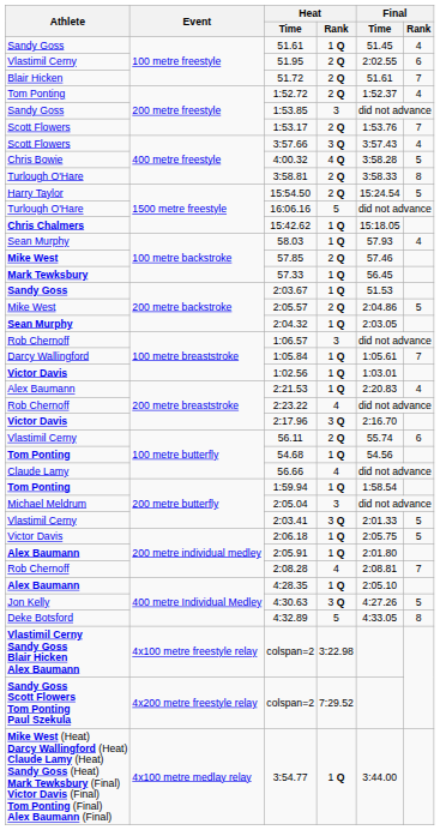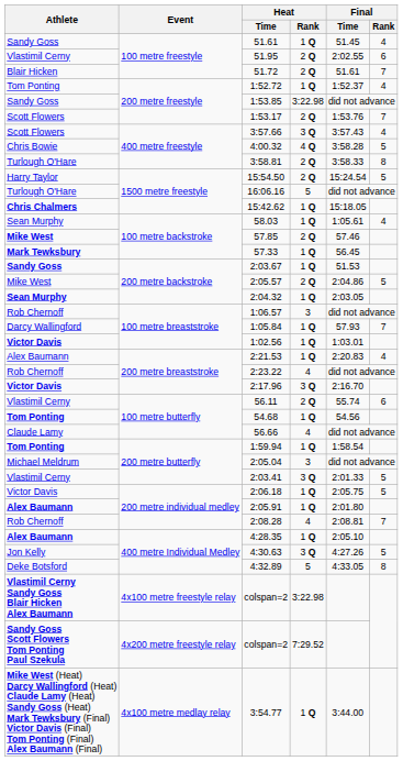 <table class=wikitable style=font-size:90%>
 <tr>
 <th rowspan=2>Athlete</th>
 <th rowspan=2>Event</th>
 <th colspan=2>Heat</th>
 <th colspan=2>Final</th>
 </tr>
 <tr style=font-size:95%>
 <th>Time</th>
 <th>Rank</th>
 <th>Time</th>
 <th>Rank</th>
 </tr>
 <tr align=center>
 <td align=left><a href='#'>Sandy Goss</a></td>
 <td align=left rowspan=3><a href='#'>100 metre freestyle</a></td>
 <td>51.61</td>
 <td>1 <strong>Q</strong></td>
 <td>51.45</td>
 <td>4</td>
 </tr>
 <tr align=center>
 <td align=left><a href='#'>Vlastimil Cerny</a></td>
 <td>51.95</td>
 <td>2 <strong>Q</strong></td>
 <td>2:02.55</td>
 <td>6</td>
 </tr>
 <tr align=center>
 <td align=left><a href='#'>Blair Hicken</a></td>
 <td>51.72</td>
 <td>2 <strong>Q</strong></td>
 <td>51.61</td>
 <td>7</td>
 </tr>
 <tr align=center>
 <td align=left><a href='#'>Tom Ponting</a></td>
 <td align=left rowspan=3><a href='#'>200 metre freestyle</a></td>
 <td>1:52.72</td>
-<td>2 <strong>Q</strong></td>
+<td>1 <strong>Q</strong></td>
 <td>1:52.37</td>
 <td>4</td>
 </tr>
 <tr align=center>
 <td align=left><a href='#'>Sandy Goss</a></td>
 <td>1:53.85</td>
-<td>3</td>
+<td>3:22.98</td>
 <td colspan=2>did not advance</td>
 </tr>
 <tr align=center>
 <td align=left><a href='#'>Scott Flowers</a></td>
 <td>1:53.17</td>
 <td>2 <strong>Q</strong></td>
 <td>1:53.76</td>
 <td>7</td>
 </tr>
 <tr align=center>
 <td align=left><a href='#'>Scott Flowers</a></td>
 <td align=left rowspan=3><a href='#'>400 metre freestyle</a></td>
 <td>3:57.66</td>
 <td>3 <strong>Q</strong></td>
 <td>3:57.43</td>
 <td>4</td>
 </tr>
 <tr align=center>
 <td align=left><a href='#'>Chris Bowie</a></td>
 <td>4:00.32</td>
 <td>4 <strong>Q</strong></td>
 <td>3:58.28</td>
 <td>5</td>
 </tr>
 <tr align=center>
 <td align=left><a href='#'>Turlough O'Hare</a></td>
 <td>3:58.81</td>
 <td>2 <strong>Q</strong></td>
 <td>3:58.33</td>
 <td>8</td>
 </tr>
 <tr align=center>
 <td align=left><a href='#'>Harry Taylor</a></td>
 <td align=left rowspan=3><a href='#'>1500 metre freestyle</a></td>
 <td>15:54.50</td>
 <td>2 <strong>Q</strong></td>
 <td>15:24.54</td>
 <td>5</td>
 </tr>
 <tr align=center>
 <td align=left><a href='#'>Turlough O'Hare</a></td>
 <td>16:06.16</td>
 <td>5</td>
 <td colspan=2>did not advance</td>
 </tr>
 <tr align=center>
 <td align=left><strong><a href='#'>Chris Chalmers</a></strong></td>
 <td>15:42.62</td>
 <td>1 <strong>Q</strong></td>
 <td>15:18.05</td>
 <td></td>
 </tr>
 <tr align=center>
 <td align=left><a href='#'>Sean Murphy</a></td>
 <td align=left rowspan=3><a href='#'>100 metre backstroke</a></td>
 <td>58.03</td>
 <td>1 <strong>Q</strong></td>
-<td>57.93</td>
+<td>1:05.61</td>
 <td>4</td>
 </tr>
 <tr align=center>
 <td align=left><strong><a href='#'>Mike West</a></strong></td>
 <td>57.85</td>
 <td>2 <strong>Q</strong></td>
 <td>57.46</td>
 <td></td>
 </tr>
 <tr align=center>
 <td align=left><strong><a href='#'>Mark Tewksbury</a></strong></td>
 <td>57.33</td>
 <td>1 <strong>Q</strong></td>
 <td>56.45</td>
 <td></td>
 </tr>
 <tr align=center>
 <td align=left><strong><a href='#'>Sandy Goss</a></strong></td>
 <td align=left rowspan=3><a href='#'>200 metre backstroke</a></td>
 <td>2:03.67</td>
 <td>1 <strong>Q</strong></td>
 <td>51.53</td>
 <td></td>
 </tr>
 <tr align=center>
 <td align=left><a href='#'>Mike West</a></td>
 <td>2:05.57</td>
 <td>2 <strong>Q</strong></td>
 <td>2:04.86</td>
 <td>5</td>
 </tr>
 <tr align=center>
 <td align=left><strong><a href='#'>Sean Murphy</a></strong></td>
 <td>2:04.32</td>
 <td>1 <strong>Q</strong></td>
 <td>2:03.05</td>
 <td></td>
 </tr>
 <tr align=center>
 <td align=left><a href='#'>Rob Chernoff</a></td>
 <td align=left rowspan=3><a href='#'>100 metre breaststroke</a></td>
 <td>1:06.57</td>
 <td>3</td>
 <td colspan=2>did not advance</td>
 </tr>
 <tr align=center>
 <td align=left><a href='#'>Darcy Wallingford</a></td>
 <td>1:05.84</td>
 <td>1 <strong>Q</strong></td>
-<td>1:05.61</td>
+<td>57.93</td>
 <td>7</td>
 </tr>
 <tr align=center>
 <td align=left><strong><a href='#'>Victor Davis</a></strong></td>
 <td>1:02.56</td>
 <td>1 <strong>Q</strong></td>
 <td>1:03.01</td>
 <td></td>
 </tr>
 <tr align=center>
 <td align=left><a href='#'>Alex Baumann</a></td>
 <td align=left rowspan=3><a href='#'>200 metre breaststroke</a></td>
 <td>2:21.53</td>
 <td>1 <strong>Q</strong></td>
 <td>2:20.83</td>
 <td>4</td>
 </tr>
 <tr align=center>
 <td align=left><a href='#'>Rob Chernoff</a></td>
 <td>2:23.22</td>
 <td>4</td>
 <td colspan=2>did not advance</td>
 </tr>
 <tr align=center>
 <td align=left><strong><a href='#'>Victor Davis</a></strong></td>
 <td>2:17.96</td>
 <td>3 <strong>Q</strong></td>
 <td>2:16.70</td>
 <td></td>
 </tr>
 <tr align=center>
 <td align=left><a href='#'>Vlastimil Cerny</a></td>
 <td align=left rowspan=3><a href='#'>100 metre butterfly</a></td>
 <td>56.11</td>
 <td>2 <strong>Q</strong></td>
 <td>55.74</td>
 <td>6</td>
 </tr>
 <tr align=center>
 <td align=left><strong><a href='#'>Tom Ponting</a></strong></td>
 <td>54.68</td>
 <td>1 <strong>Q</strong></td>
 <td>54.56</td>
 <td></td>
 </tr>
 <tr align=center>
 <td align=left><a href='#'>Claude Lamy</a></td>
 <td>56.66</td>
 <td>4</td>
 <td colspan=2>did not advance</td>
 </tr>
 <tr align=center>
 <td align=left><strong><a href='#'>Tom Ponting</a></strong></td>
 <td align=left rowspan=3><a href='#'>200 metre butterfly</a></td>
 <td>1:59.94</td>
 <td>1 <strong>Q</strong></td>
 <td>1:58.54</td>
 <td></td>
 </tr>
 <tr align=center>
 <td align=left><a href='#'>Michael Meldrum</a></td>
 <td>2:05.04</td>
 <td>3</td>
 <td colspan=2>did not advance</td>
 </tr>
 <tr align=center>
 <td align=left><a href='#'>Vlastimil Cerny</a></td>
 <td>2:03.41</td>
 <td>3 <strong>Q</strong></td>
 <td>2:01.33</td>
 <td>5</td>
 </tr>
 <tr align=center>
 <td align=left><a href='#'>Victor Davis</a></td>
 <td align=left rowspan=3><a href='#'>200 metre individual medley</a></td>
 <td>2:06.18</td>
 <td>1 <strong>Q</strong></td>
 <td>2:05.75</td>
 <td>5</td>
 </tr>
 <tr align=center>
 <td align=left><strong><a href='#'>Alex Baumann</a></strong></td>
 <td>2:05.91</td>
 <td>1 <strong>Q</strong></td>
 <td>2:01.80</td>
 <td></td>
 </tr>
 <tr align=center>
 <td align=left><a href='#'>Rob Chernoff</a></td>
 <td>2:08.28</td>
 <td>4</td>
 <td>2:08.81</td>
 <td>7</td>
 </tr>
 <tr align=center>
 <td align=left><strong><a href='#'>Alex Baumann</a></strong></td>
 <td align=left rowspan=3><a href='#'>400 metre Individual Medley</a></td>
 <td>4:28.35</td>
 <td>1 <strong>Q</strong></td>
 <td>2:05.10</td>
 <td></td>
 </tr>
 <tr align=center>
 <td align=left><a href='#'>Jon Kelly</a></td>
 <td>4:30.63</td>
 <td>3 <strong>Q</strong></td>
 <td>4:27.26</td>
 <td>5</td>
 </tr>
 <tr align=center>
 <td align=left><a href='#'>Deke Botsford</a></td>
 <td>4:32.89</td>
 <td>5</td>
 <td>4:33.05</td>
 <td>8</td>
 </tr>
 <tr align=center>
 <td align=left><strong><a href='#'>Vlastimil Cerny</a></strong><br><strong><a href='#'>Sandy Goss</a></strong><br><strong><a href='#'>Blair Hicken</a></strong><br><strong><a href='#'>Alex Baumann</a></strong></td>
 <td align=left><a href='#'>4x100 metre freestyle relay</a></td>
 <td>colspan=2 </td>
 <td>3:22.98</td>
 <td></td>
 </tr>
 <tr align=center>
 <td align=left><strong><a href='#'>Sandy Goss</a></strong><br><strong><a href='#'>Scott Flowers</a></strong><br><strong><a href='#'>Tom Ponting</a></strong><br><strong><a href='#'>Paul Szekula</a></strong></td>
 <td align=left><a href='#'>4x200 metre freestyle relay</a></td>
 <td>colspan=2 </td>
 <td>7:29.52</td>
 <td></td>
 </tr>
 <tr align=center>
 <td align=left><strong><a href='#'>Mike West</a></strong> (Heat)<br><strong><a href='#'>Darcy Wallingford</a></strong> (Heat)<br><strong><a href='#'>Claude Lamy</a></strong> (Heat)<br><strong><a href='#'>Sandy Goss</a></strong> (Heat)<br><strong><a href='#'>Mark Tewksbury</a></strong> (Final)<br><strong><a href='#'>Victor Davis</a></strong> (Final)<br><strong><a href='#'>Tom Ponting</a></strong> (Final)<br><strong><a href='#'>Alex Baumann</a></strong> (Final)</td>
 <td align=left><a href='#'>4x100 metre medlay relay</a></td>
 <td>3:54.77</td>
 <td>1 <strong>Q</strong></td>
 <td>3:44.00</td>
 <td></td>
 </tr>
 </table>
